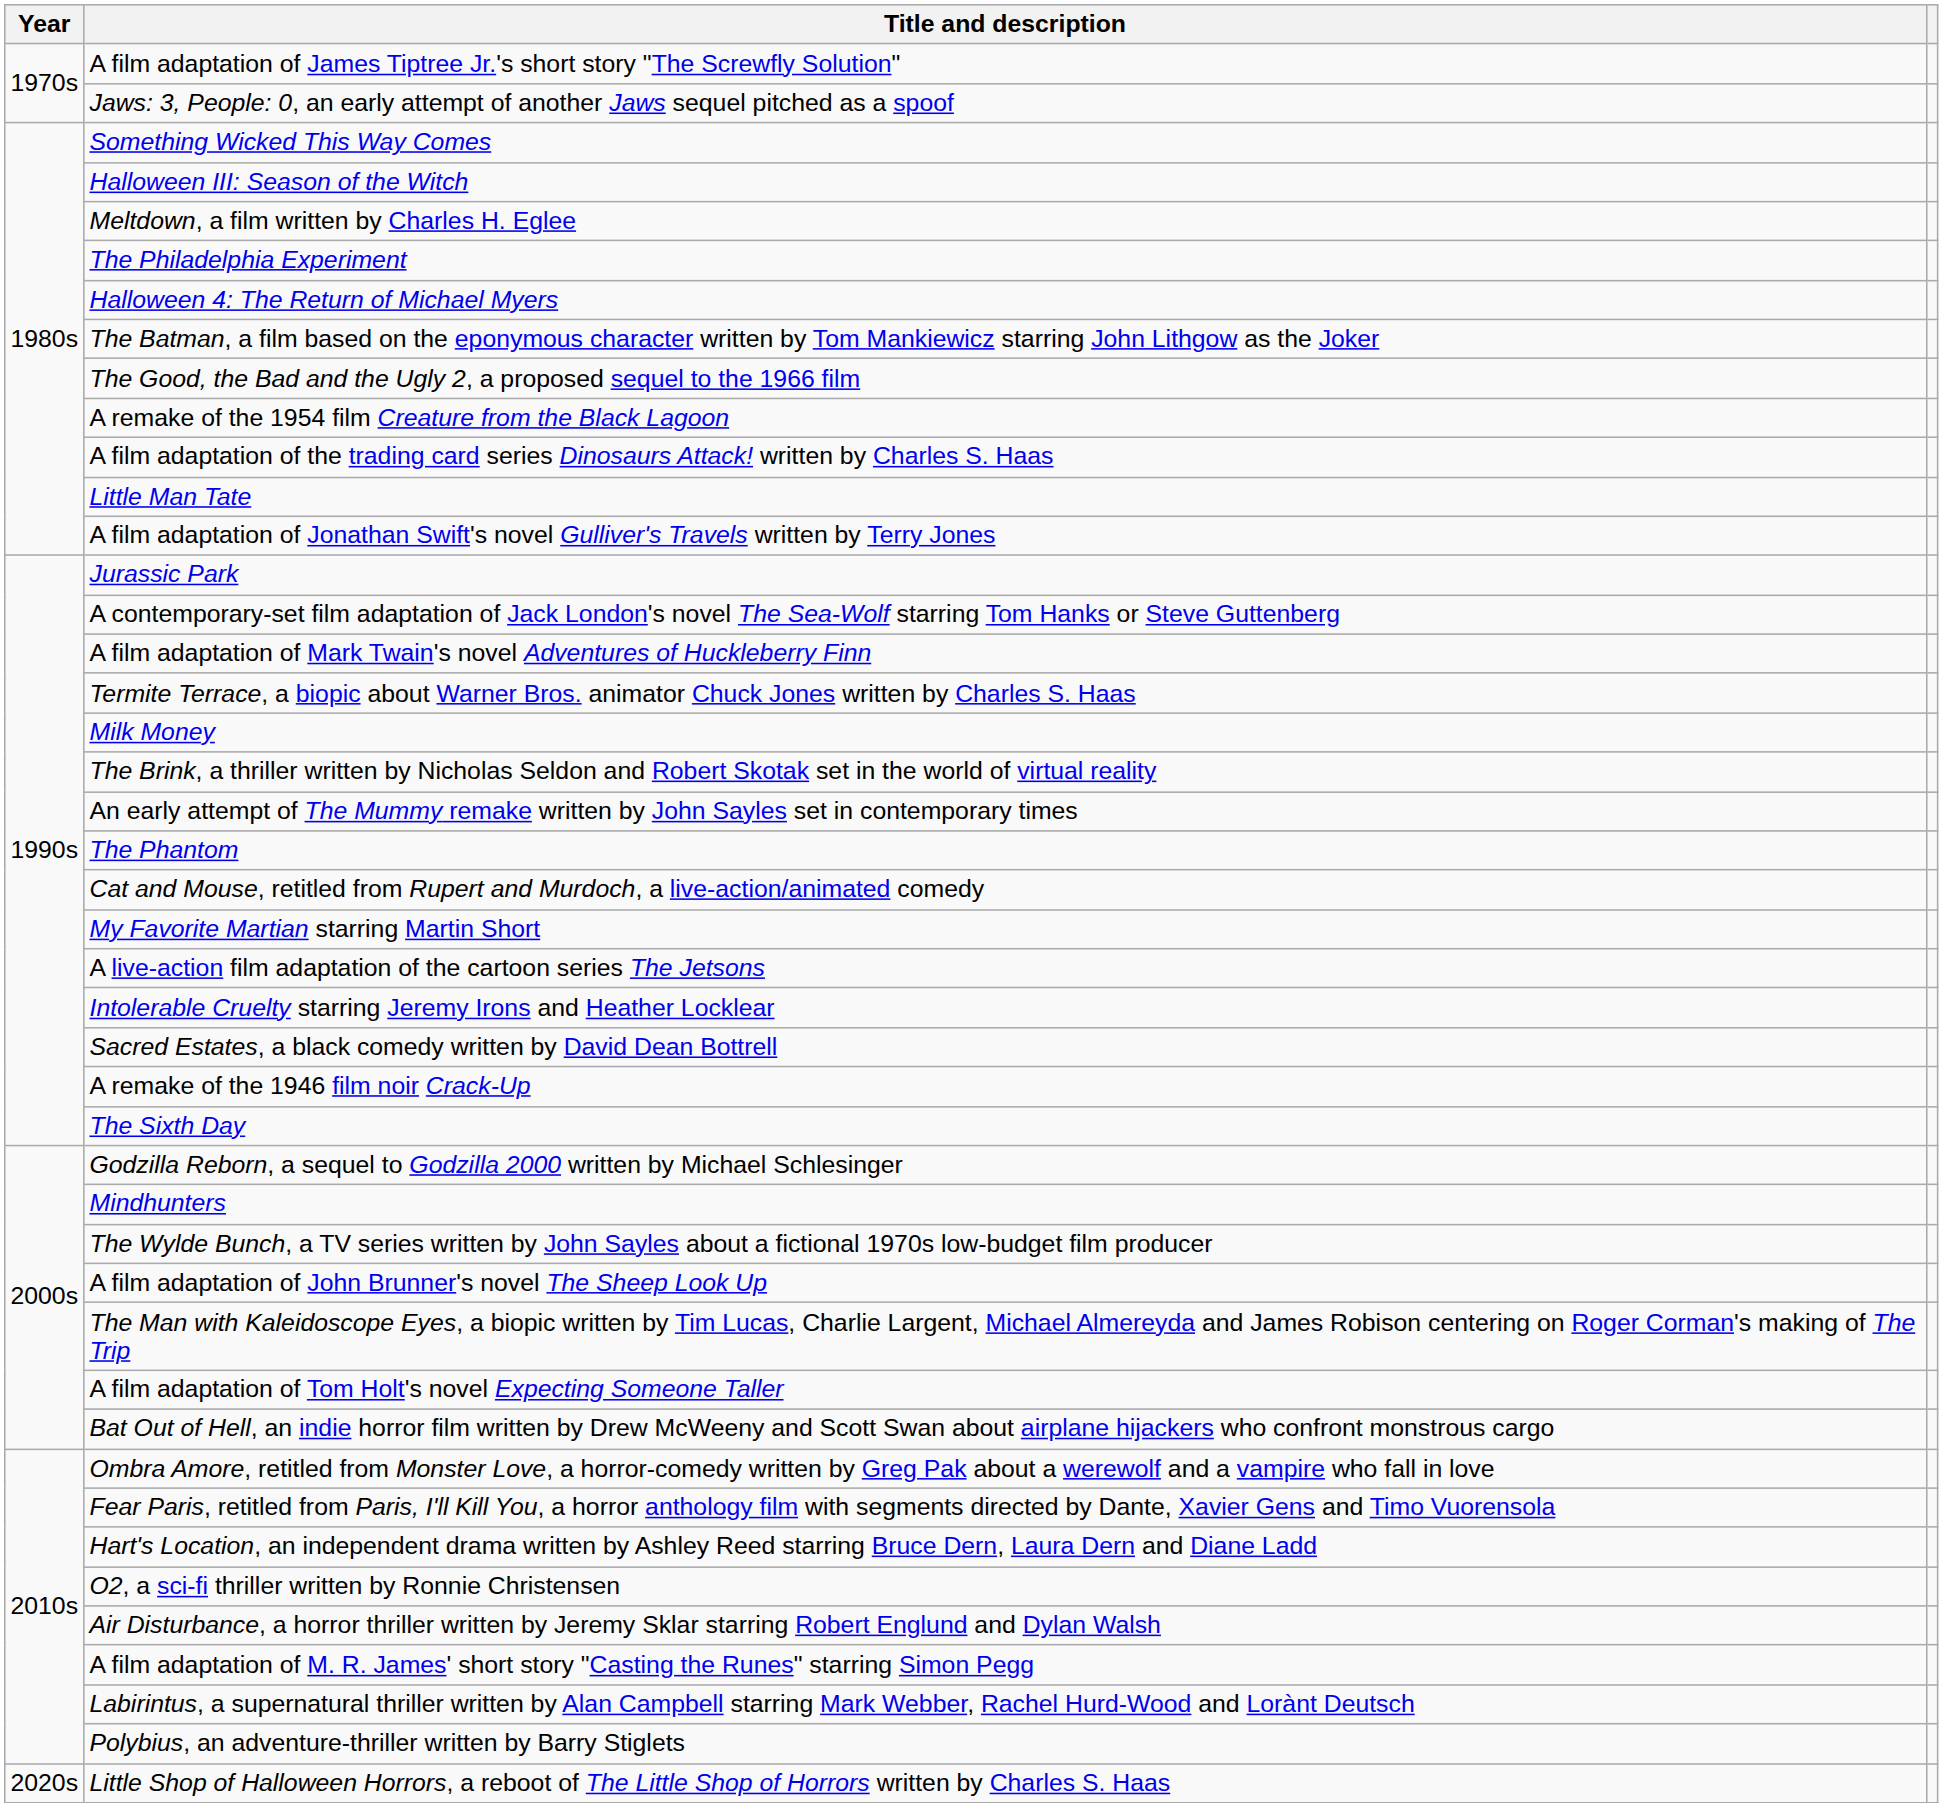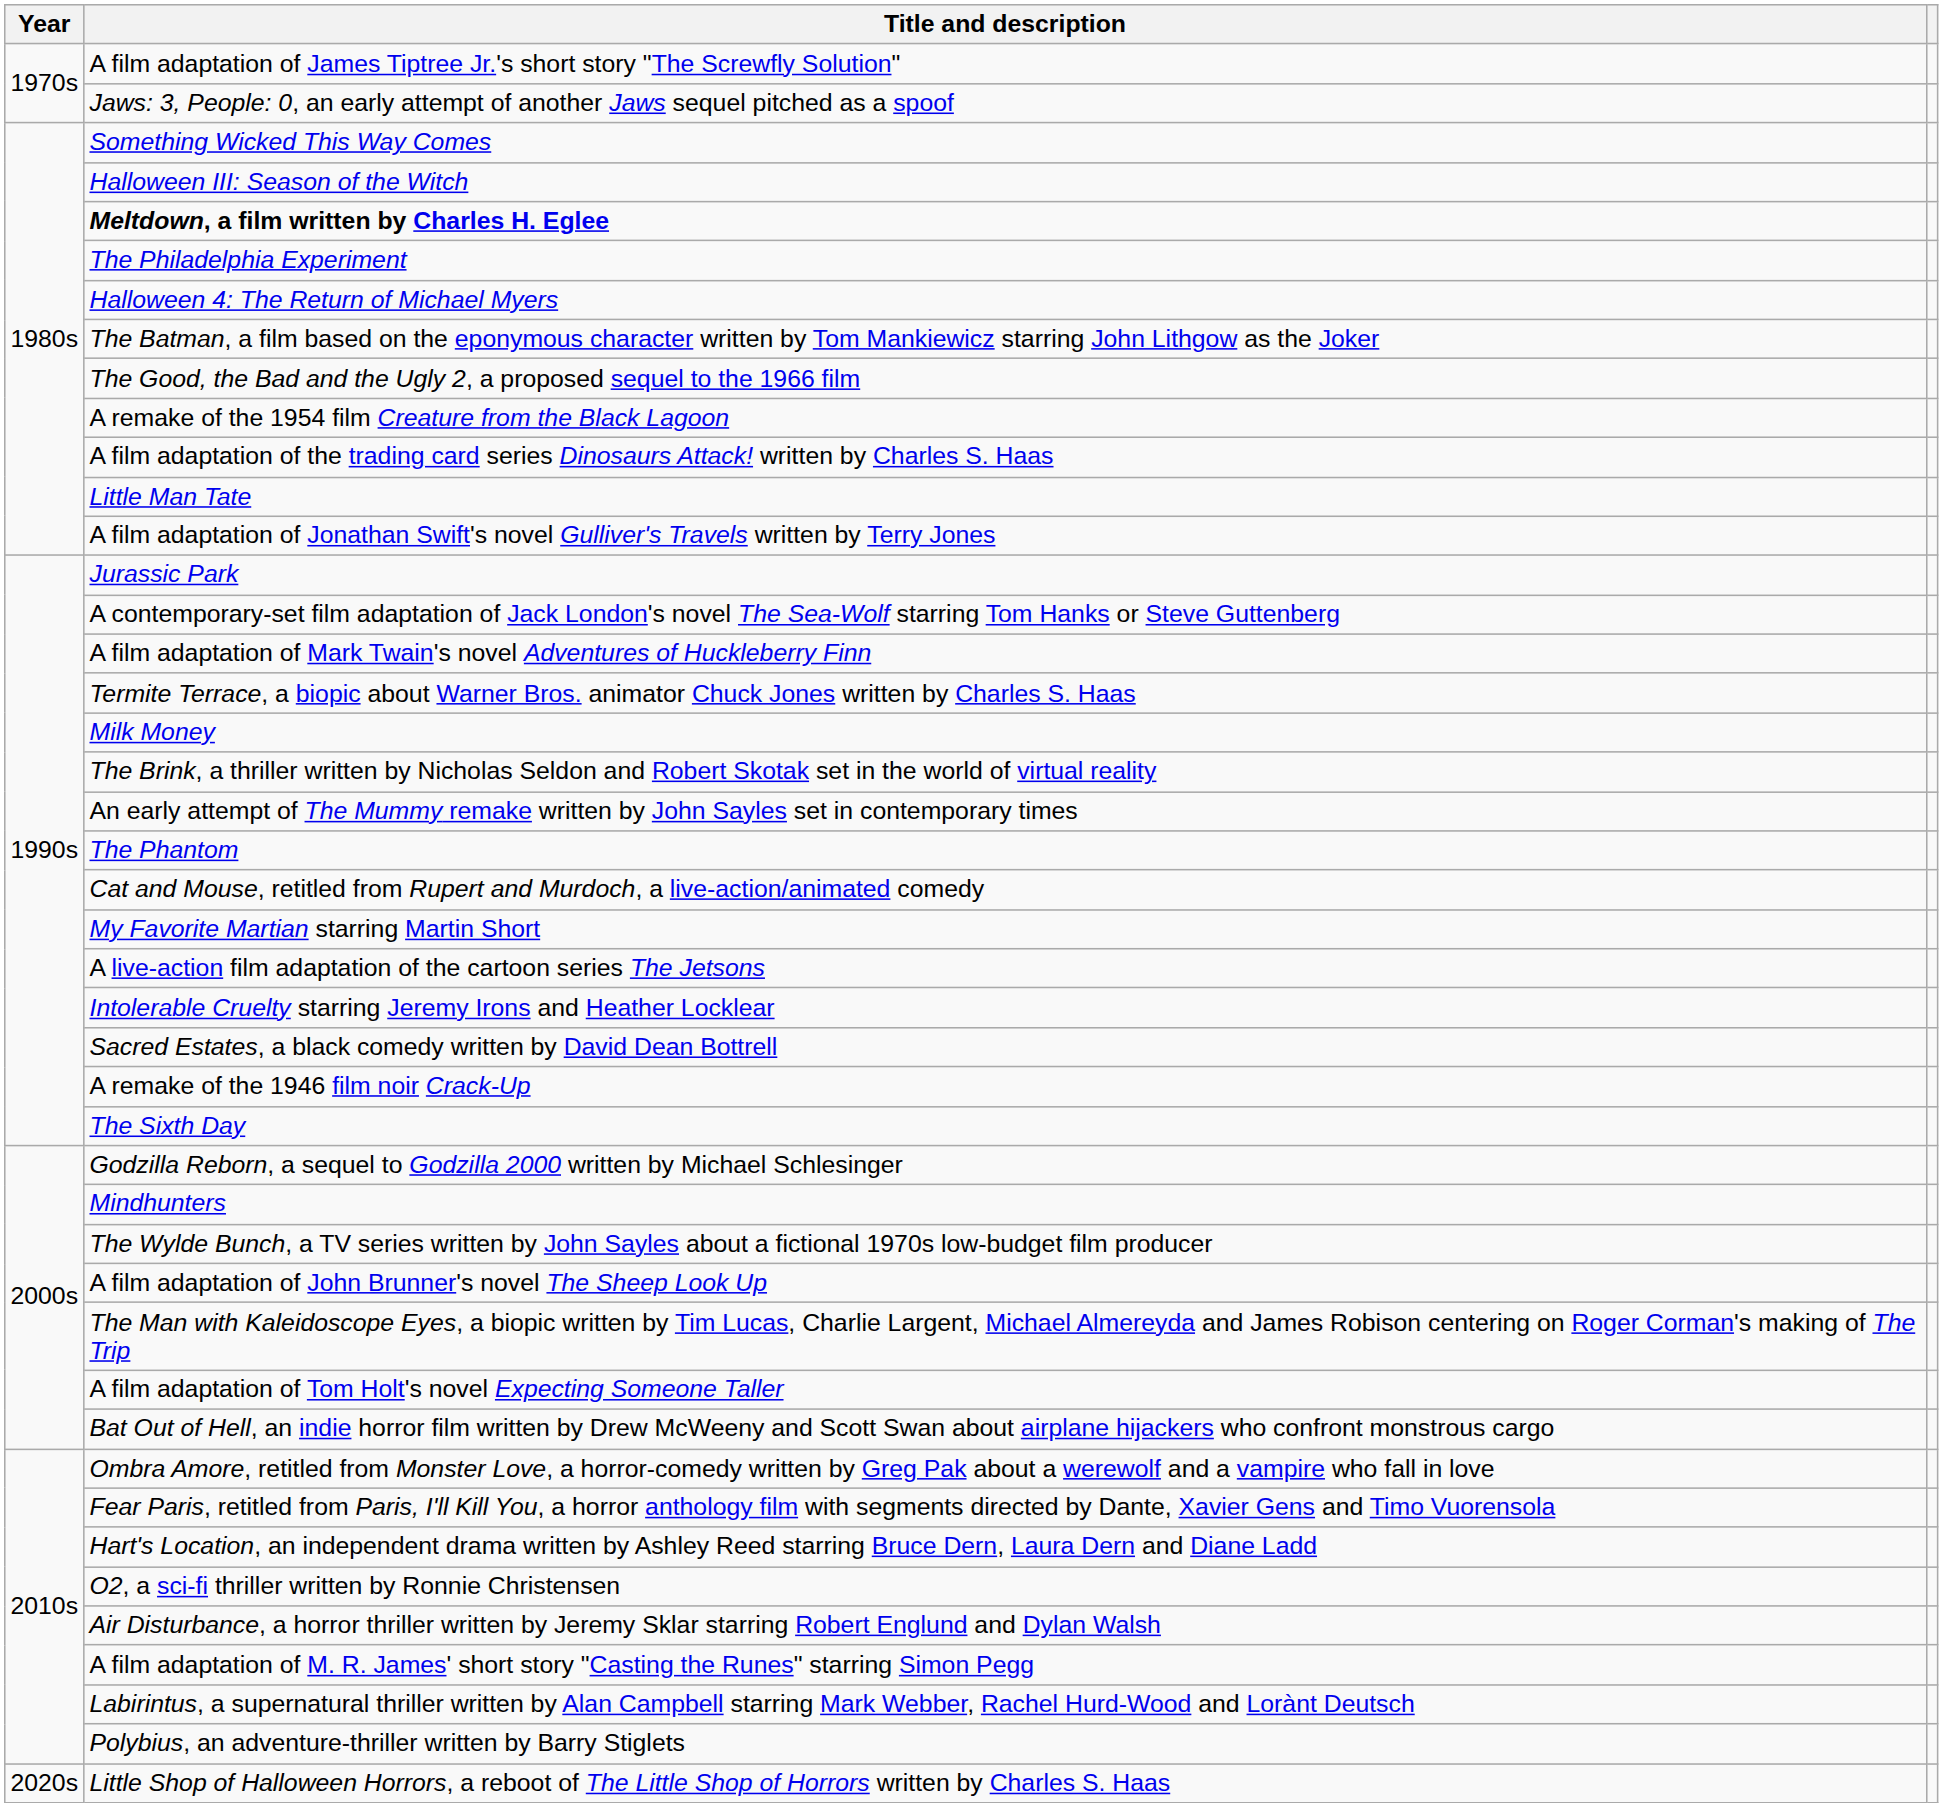 <table class="wikitable unsortable">
 <tr>
 <th scope="col">Year</th>
 <th scope="col">Title and description</th>
 <th scope="col"></th>
 </tr>
 <tr>
 <td rowspan="2">1970s</td>
 <td>A film adaptation of <a href='#'>James Tiptree Jr.</a>'s short story "<a href='#'>The Screwfly Solution</a>"</td>
 <td></td>
 </tr>
 <tr>
 <td><em>Jaws: 3, People: 0</em>, an early attempt of another <em><a href='#'>Jaws</a></em> sequel pitched as a <a href='#'>spoof</a></td>
 <td></td>
 </tr>
 <tr>
 <td rowspan="11">1980s</td>
 <td><em><a href='#'>Something Wicked This Way Comes</a></em></td>
 <td></td>
 </tr>
 <tr>
 <td><em><a href='#'>Halloween III: Season of the Witch</a></em></td>
 <td></td>
 </tr>
 <tr>
-<td><em>Meltdown</em>, a film written by <a href='#'>Charles H. Eglee</a></td>
+<td><strong><em>Meltdown</em>, a film written by <a href='#'>Charles H. Eglee</a></strong></td>
 <td></td>
 </tr>
 <tr>
 <td><em><a href='#'>The Philadelphia Experiment</a></em></td>
 <td></td>
 </tr>
 <tr>
 <td><em><a href='#'>Halloween 4: The Return of Michael Myers</a></em></td>
 <td></td>
 </tr>
 <tr>
 <td><em>The Batman</em>, a film based on the <a href='#'>eponymous character</a> written by <a href='#'>Tom Mankiewicz</a> starring <a href='#'>John Lithgow</a> as the <a href='#'>Joker</a></td>
 <td></td>
 </tr>
 <tr>
 <td><em>The Good, the Bad and the Ugly 2</em>, a proposed <a href='#'>sequel to the 1966 film</a></td>
 <td></td>
 </tr>
 <tr>
 <td>A remake of the 1954 film <em><a href='#'>Creature from the Black Lagoon</a></em></td>
 <td></td>
 </tr>
 <tr>
 <td>A film adaptation of the <a href='#'>trading card</a> series <em><a href='#'>Dinosaurs Attack!</a></em> written by <a href='#'>Charles S. Haas</a></td>
 <td></td>
 </tr>
 <tr>
 <td><em><a href='#'>Little Man Tate</a></em></td>
 <td></td>
 </tr>
 <tr>
 <td>A film adaptation of <a href='#'>Jonathan Swift</a>'s novel <em><a href='#'>Gulliver's Travels</a></em> written by <a href='#'>Terry Jones</a></td>
 <td></td>
 </tr>
 <tr>
 <td rowspan="15">1990s</td>
 <td><em><a href='#'>Jurassic Park</a></em></td>
 <td></td>
 </tr>
 <tr>
 <td>A contemporary-set film adaptation of <a href='#'>Jack London</a>'s novel <em><a href='#'>The Sea-Wolf</a></em> starring <a href='#'>Tom Hanks</a> or <a href='#'>Steve Guttenberg</a></td>
 <td></td>
 </tr>
 <tr>
 <td>A film adaptation of <a href='#'>Mark Twain</a>'s novel <em><a href='#'>Adventures of Huckleberry Finn</a></em></td>
 <td></td>
 </tr>
 <tr>
 <td><em>Termite Terrace</em>, a <a href='#'>biopic</a> about <a href='#'>Warner Bros.</a> animator <a href='#'>Chuck Jones</a> written by <a href='#'>Charles S. Haas</a></td>
 <td></td>
 </tr>
 <tr>
 <td><em><a href='#'>Milk Money</a></em></td>
 <td></td>
 </tr>
 <tr>
 <td><em>The Brink</em>, a thriller written by Nicholas Seldon and <a href='#'>Robert Skotak</a> set in the world of <a href='#'>virtual reality</a></td>
 <td></td>
 </tr>
 <tr>
 <td>An early attempt of <a href='#'><em>The Mummy</em> remake</a> written by <a href='#'>John Sayles</a> set in contemporary times</td>
 <td></td>
 </tr>
 <tr>
 <td><em><a href='#'>The Phantom</a></em></td>
 <td></td>
 </tr>
 <tr>
 <td><em>Cat and Mouse</em>, retitled from <em>Rupert and Murdoch</em>, a <a href='#'>live-action/animated</a> comedy</td>
 <td></td>
 </tr>
 <tr>
 <td><em><a href='#'>My Favorite Martian</a></em> starring <a href='#'>Martin Short</a></td>
 <td></td>
 </tr>
 <tr>
 <td>A <a href='#'>live-action</a> film adaptation of the cartoon series <em><a href='#'>The Jetsons</a></em></td>
 <td></td>
 </tr>
 <tr>
 <td><em><a href='#'>Intolerable Cruelty</a></em> starring <a href='#'>Jeremy Irons</a> and <a href='#'>Heather Locklear</a></td>
 <td></td>
 </tr>
 <tr>
 <td><em>Sacred Estates</em>, a black comedy written by <a href='#'>David Dean Bottrell</a></td>
 <td></td>
 </tr>
 <tr>
 <td>A remake of the 1946 <a href='#'>film noir</a> <em><a href='#'>Crack-Up</a></em></td>
 <td></td>
 </tr>
 <tr>
 <td><em><a href='#'>The Sixth Day</a></em></td>
 <td></td>
 </tr>
 <tr>
 <td rowspan="7">2000s</td>
 <td><em>Godzilla Reborn</em>, a sequel to <em><a href='#'>Godzilla 2000</a></em> written by Michael Schlesinger</td>
 <td></td>
 </tr>
 <tr>
 <td><em><a href='#'>Mindhunters</a></em></td>
 <td></td>
 </tr>
 <tr>
 <td><em>The Wylde Bunch</em>, a TV series written by <a href='#'>John Sayles</a> about a fictional 1970s low-budget film producer</td>
 <td></td>
 </tr>
 <tr>
 <td>A film adaptation of <a href='#'>John Brunner</a>'s novel <em><a href='#'>The Sheep Look Up</a></em></td>
 <td></td>
 </tr>
 <tr>
 <td><em>The Man with Kaleidoscope Eyes</em>, a biopic written by <a href='#'>Tim Lucas</a>, Charlie Largent, <a href='#'>Michael Almereyda</a> and James Robison centering on <a href='#'>Roger Corman</a>'s making of <em><a href='#'>The Trip</a></em></td>
 <td></td>
 </tr>
 <tr>
 <td>A film adaptation of <a href='#'>Tom Holt</a>'s novel <em><a href='#'>Expecting Someone Taller</a></em></td>
 <td></td>
 </tr>
 <tr>
 <td><em>Bat Out of Hell</em>, an <a href='#'>indie</a> horror film written by Drew McWeeny and Scott Swan about <a href='#'>airplane hijackers</a> who confront monstrous cargo</td>
 <td></td>
 </tr>
 <tr>
 <td rowspan="8">2010s</td>
 <td><em>Ombra Amore</em>, retitled from <em>Monster Love</em>, a horror-comedy written by <a href='#'>Greg Pak</a> about a <a href='#'>werewolf</a> and a <a href='#'>vampire</a> who fall in love</td>
 <td></td>
 </tr>
 <tr>
 <td><em>Fear Paris</em>, retitled from <em>Paris, I'll Kill You</em>, a horror <a href='#'>anthology film</a> with segments directed by Dante, <a href='#'>Xavier Gens</a> and <a href='#'>Timo Vuorensola</a></td>
 <td></td>
 </tr>
 <tr>
 <td><em>Hart's Location</em>, an independent drama written by Ashley Reed starring <a href='#'>Bruce Dern</a>, <a href='#'>Laura Dern</a> and <a href='#'>Diane Ladd</a></td>
 <td></td>
 </tr>
 <tr>
 <td><em>O2</em>, a <a href='#'>sci-fi</a> thriller written by Ronnie Christensen</td>
 <td></td>
 </tr>
 <tr>
 <td><em>Air Disturbance</em>, a horror thriller written by Jeremy Sklar starring <a href='#'>Robert Englund</a> and <a href='#'>Dylan Walsh</a></td>
 <td></td>
 </tr>
 <tr>
 <td>A film adaptation of <a href='#'>M. R. James</a>' short story "<a href='#'>Casting the Runes</a>" starring <a href='#'>Simon Pegg</a></td>
 <td></td>
 </tr>
 <tr>
 <td><em>Labirintus</em>, a supernatural thriller written by <a href='#'>Alan Campbell</a> starring <a href='#'>Mark Webber</a>, <a href='#'>Rachel Hurd-Wood</a> and <a href='#'>Lorànt Deutsch</a></td>
 <td></td>
 </tr>
 <tr>
 <td><em>Polybius</em>, an adventure-thriller written by Barry Stiglets</td>
 <td></td>
 </tr>
 <tr>
 <td rowspan="1">2020s</td>
 <td><em>Little Shop of Halloween Horrors</em>, a reboot of <em><a href='#'>The Little Shop of Horrors</a></em> written by <a href='#'>Charles S. Haas</a></td>
 <td></td>
 </tr>
 </table>
